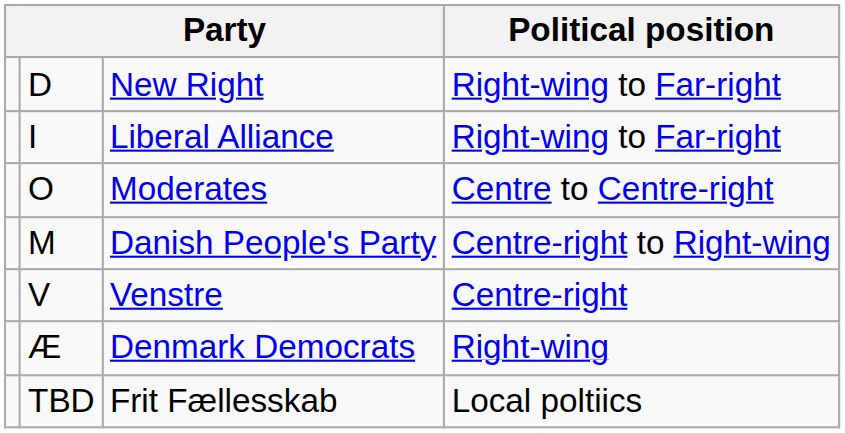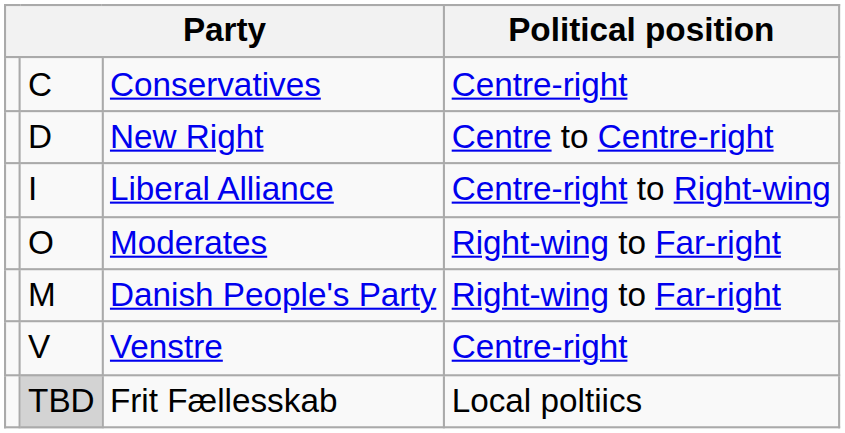 <table class="wikitable">
 <tr>
 <th colspan="3">Party</th>
 <th>Political position</th>
 </tr>
 <tr>
 <td></td>
+<td>C</td>
+<td><a href='#'>Conservatives</a></td>
+<td><a href='#'>Centre-right</a></td>
+</tr>
+<tr>
+<td></td>
 <td>D</td>
 <td><a href='#'>New Right</a></td>
-<td><a href='#'>Right-wing</a> to  <a href='#'>Far-right</a></td>
+<td><a href='#'>Centre</a> to <a href='#'>Centre-right</a></td>
 </tr>
 <tr>
 <td></td>
 <td>I</td>
 <td><a href='#'>Liberal Alliance</a></td>
-<td><a href='#'>Right-wing</a> to  <a href='#'>Far-right</a></td>
+<td><a href='#'>Centre-right</a> to <a href='#'>Right-wing</a></td>
 </tr>
 <tr>
 <td></td>
 <td>O</td>
 <td><a href='#'>Moderates</a></td>
-<td><a href='#'>Centre</a> to <a href='#'>Centre-right</a></td>
+<td><a href='#'>Right-wing</a> to  <a href='#'>Far-right</a></td>
 </tr>
 <tr>
 <td></td>
 <td>M</td>
 <td><a href='#'>Danish People's Party</a></td>
-<td><a href='#'>Centre-right</a> to <a href='#'>Right-wing</a></td>
+<td><a href='#'>Right-wing</a> to  <a href='#'>Far-right</a></td>
 </tr>
 <tr>
 <td></td>
 <td>V</td>
 <td><a href='#'>Venstre</a></td>
 <td><a href='#'>Centre-right</a></td>
 </tr>
 <tr>
 <td></td>
-<td>Æ</td>
-<td><a href='#'>Denmark Democrats</a></td>
-<td><a href='#'>Right-wing</a></td>
-</tr>
-<tr>
-<td></td>
-<td>TBD</td>
+<td style="background: lightgrey;">TBD</td>
 <td>Frit Fællesskab</td>
 <td>Local poltiics</td>
 </tr>
 </table>
